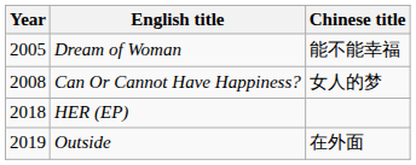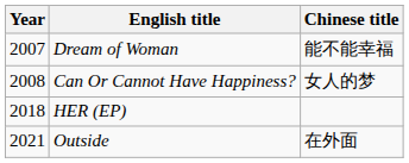 <table class="wikitable sortable">
 <tr>
 <th>Year</th>
 <th>English title</th>
 <th>Chinese title</th>
 </tr>
 <tr>
-<td>2005</td>
+<td>2007</td>
 <td><em>Dream of Woman</em></td>
 <td>能不能幸福</td>
 </tr>
 <tr>
 <td>2008</td>
 <td><em>Can Or Cannot Have Happiness?</em></td>
 <td>女人的梦</td>
 </tr>
 <tr>
 <td>2018</td>
 <td><em>HER (EP)</em></td>
 <td></td>
 </tr>
 <tr>
-<td>2019</td>
+<td>2021</td>
 <td><em>Outside</em></td>
 <td>在外面</td>
 </tr>
 </table>
